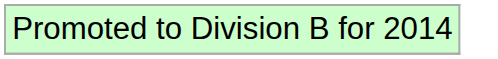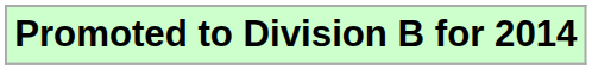 <table class="wikitable">
 <tr>
 </tr>
 <tr width=10px bgcolor=ccffcc>
-<td>Promoted to Division B for 2014</td>
+<td><strong>Promoted to Division B for 2014</strong></td>
 </tr>
 <tr>
 </tr>
 </table>
